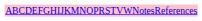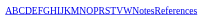 <table id="toc" class="toc" summary="Class" align="center" style="text-align:center;">
 <tr>
 <th></th>
 </tr>
 <tr>
-<td style="background: pink;"><a href='#'>A</a><a href='#'>B</a><a href='#'>C</a><a href='#'>D</a><a href='#'>E</a><a href='#'>F</a><a href='#'>G</a><a href='#'>H</a><a href='#'>I</a><a href='#'>J</a><a href='#'>K</a><a href='#'>M</a><a href='#'>N</a><a href='#'>O</a><a href='#'>P</a><a href='#'>R</a><a href='#'>S</a><a href='#'>T</a><a href='#'>V</a><a href='#'>W</a><a href='#'>Notes</a><a href='#'>References</a></td>
+<td><a href='#'>A</a><a href='#'>B</a><a href='#'>C</a><a href='#'>D</a><a href='#'>E</a><a href='#'>F</a><a href='#'>G</a><a href='#'>H</a><a href='#'>I</a><a href='#'>J</a><a href='#'>K</a><a href='#'>M</a><a href='#'>N</a><a href='#'>O</a><a href='#'>P</a><a href='#'>R</a><a href='#'>S</a><a href='#'>T</a><a href='#'>V</a><a href='#'>W</a><a href='#'>Notes</a><a href='#'>References</a></td>
 </tr>
 </table>
